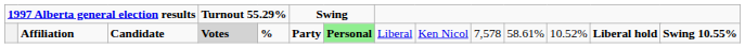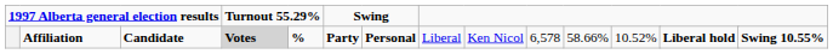 <table class="wikitable">
 <tr>
 <td colspan="3" align=center><strong><a href='#'>1997 Alberta general election</a> results</strong></td>
 <td colspan="2"><strong>Turnout 55.29%</strong></td>
 <td colspan="2" align=center><strong>Swing</strong></td>
 </tr>
 <tr>
 <th style="width: 10px;"></th>
 <td><strong>Affiliation</strong></td>
 <td><strong>Candidate</strong></td>
 <td style="background: lightgrey;"><strong>Votes</strong></td>
 <td><strong>%</strong></td>
 <td><strong>Party</strong></td>
-<td style="background: lightgreen;"><strong>Personal</strong><br></td>
+<td><strong>Personal</strong><br></td>
 <td><a href='#'>Liberal</a></td>
 <td><a href='#'>Ken Nicol</a></td>
-<td>7,578</td>
-<td>58.61%</td>
+<td>6,578</td>
+<td>58.66%</td>
 <td colspan=2 align=center>10.52%<br>      </td>
 <td colspan=4><strong>Liberal hold</strong></td>
 <td colspan=2><strong>Swing 10.55%</strong></td>
 </tr>
 </table>
